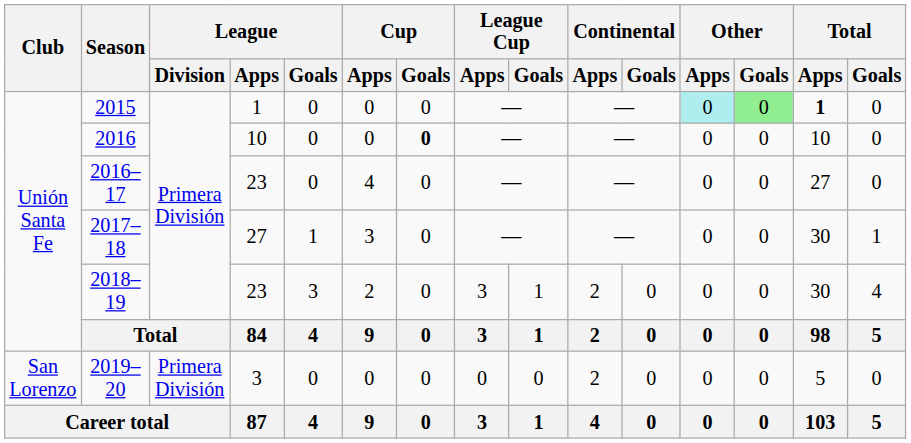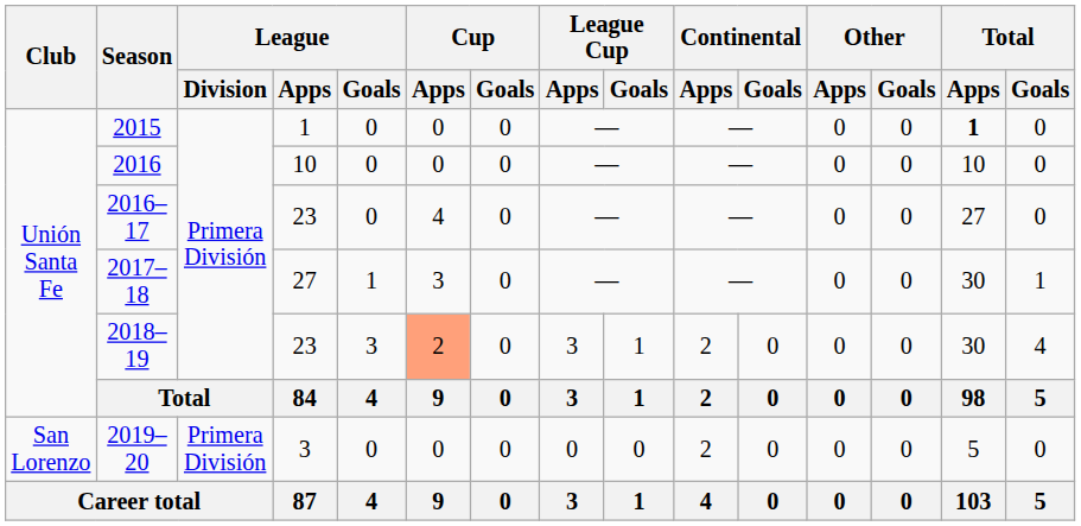 <table class="wikitable" style="text-align:center">
 <tr>
 <th rowspan="2">Club</th>
 <th rowspan="2">Season</th>
 <th colspan="3">League</th>
 <th colspan="2">Cup</th>
 <th colspan="2">League Cup</th>
 <th colspan="2">Continental</th>
 <th colspan="2">Other</th>
 <th colspan="2">Total</th>
 </tr>
 <tr>
 <th>Division</th>
 <th>Apps</th>
 <th>Goals</th>
 <th>Apps</th>
 <th>Goals</th>
 <th>Apps</th>
 <th>Goals</th>
 <th>Apps</th>
 <th>Goals</th>
 <th>Apps</th>
 <th>Goals</th>
 <th>Apps</th>
 <th>Goals</th>
 </tr>
 <tr>
 <td rowspan="6"><a href='#'>Unión Santa Fe</a></td>
 <td><a href='#'>2015</a></td>
 <td rowspan="5"><a href='#'>Primera División</a></td>
 <td>1</td>
 <td>0</td>
 <td>0</td>
 <td>0</td>
 <td colspan="2">—</td>
 <td colspan="2">—</td>
-<td style="background: paleturquoise;">0</td>
-<td style="background: lightgreen;">0</td>
+<td>0</td>
+<td>0</td>
 <td><strong>1</strong></td>
 <td>0</td>
 </tr>
 <tr>
 <td><a href='#'>2016</a></td>
 <td>10</td>
 <td>0</td>
 <td>0</td>
-<td><strong>0</strong></td>
+<td>0</td>
 <td colspan="2">—</td>
 <td colspan="2">—</td>
 <td>0</td>
 <td>0</td>
 <td>10</td>
 <td>0</td>
 </tr>
 <tr>
 <td><a href='#'>2016–17</a></td>
 <td>23</td>
 <td>0</td>
 <td>4</td>
 <td>0</td>
 <td colspan="2">—</td>
 <td colspan="2">—</td>
 <td>0</td>
 <td>0</td>
 <td>27</td>
 <td>0</td>
 </tr>
 <tr>
 <td><a href='#'>2017–18</a></td>
 <td>27</td>
 <td>1</td>
 <td>3</td>
 <td>0</td>
 <td colspan="2">—</td>
 <td colspan="2">—</td>
 <td>0</td>
 <td>0</td>
 <td>30</td>
 <td>1</td>
 </tr>
 <tr>
 <td><a href='#'>2018–19</a></td>
 <td>23</td>
 <td>3</td>
-<td>2</td>
+<td style="background: lightsalmon;">2</td>
 <td>0</td>
 <td>3</td>
 <td>1</td>
 <td>2</td>
 <td>0</td>
 <td>0</td>
 <td>0</td>
 <td>30</td>
 <td>4</td>
 </tr>
 <tr>
 <th colspan="2">Total</th>
 <th>84</th>
 <th>4</th>
 <th>9</th>
 <th>0</th>
 <th>3</th>
 <th>1</th>
 <th>2</th>
 <th>0</th>
 <th>0</th>
 <th>0</th>
 <th>98</th>
 <th>5</th>
 </tr>
 <tr>
 <td rowspan="1"><a href='#'>San Lorenzo</a></td>
 <td><a href='#'>2019–20</a></td>
 <td rowspan="1"><a href='#'>Primera División</a></td>
 <td>3</td>
 <td>0</td>
 <td>0</td>
 <td>0</td>
 <td>0</td>
 <td>0</td>
 <td>2</td>
 <td>0</td>
 <td>0</td>
 <td>0</td>
 <td>5</td>
 <td>0</td>
 </tr>
 <tr>
 <th colspan="3">Career total</th>
 <th>87</th>
 <th>4</th>
 <th>9</th>
 <th>0</th>
 <th>3</th>
 <th>1</th>
 <th>4</th>
 <th>0</th>
 <th>0</th>
 <th>0</th>
 <th>103</th>
 <th>5</th>
 </tr>
 </table>
